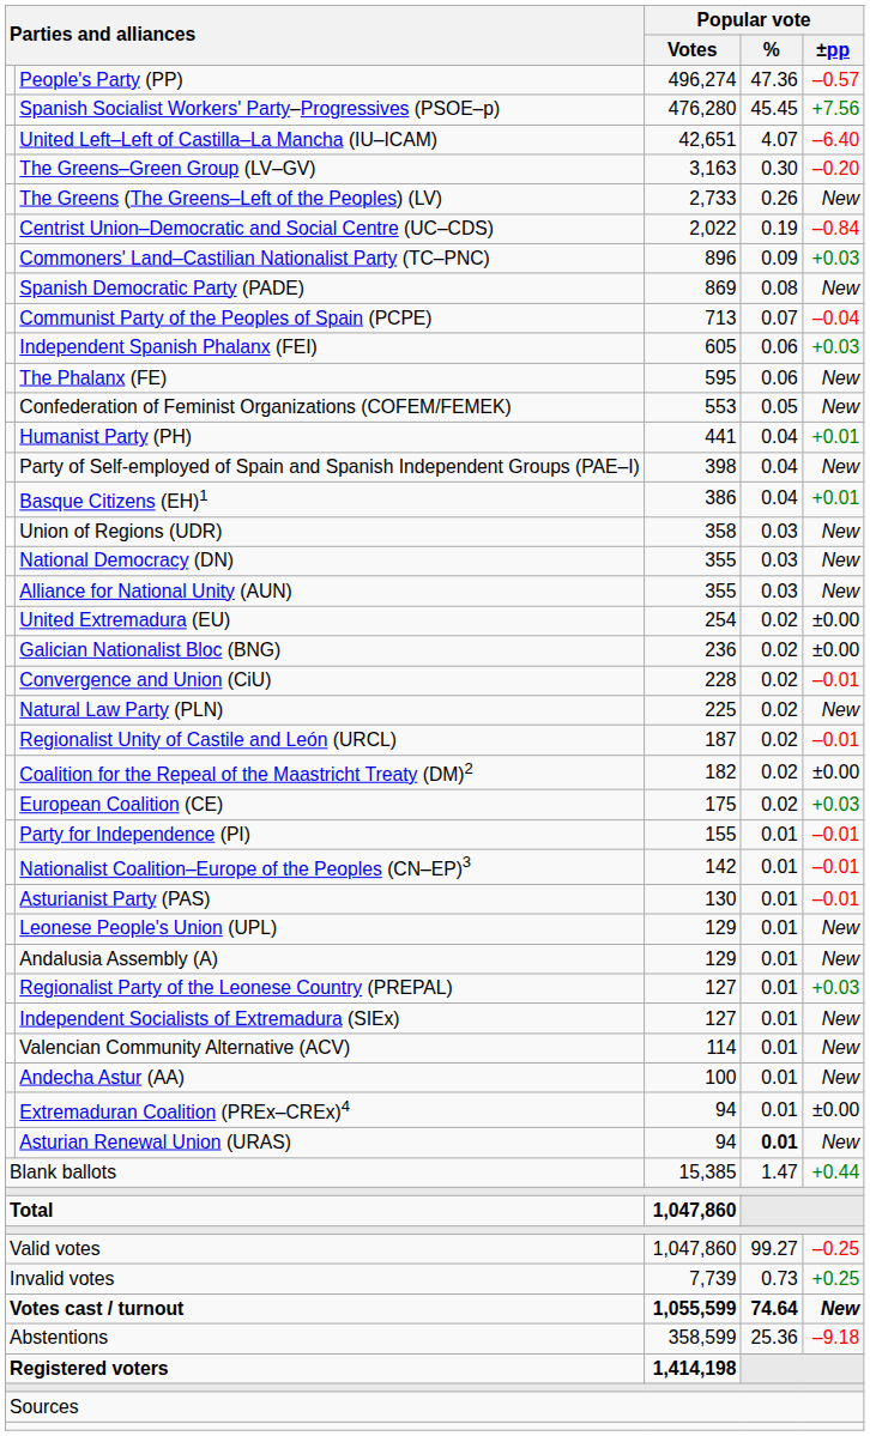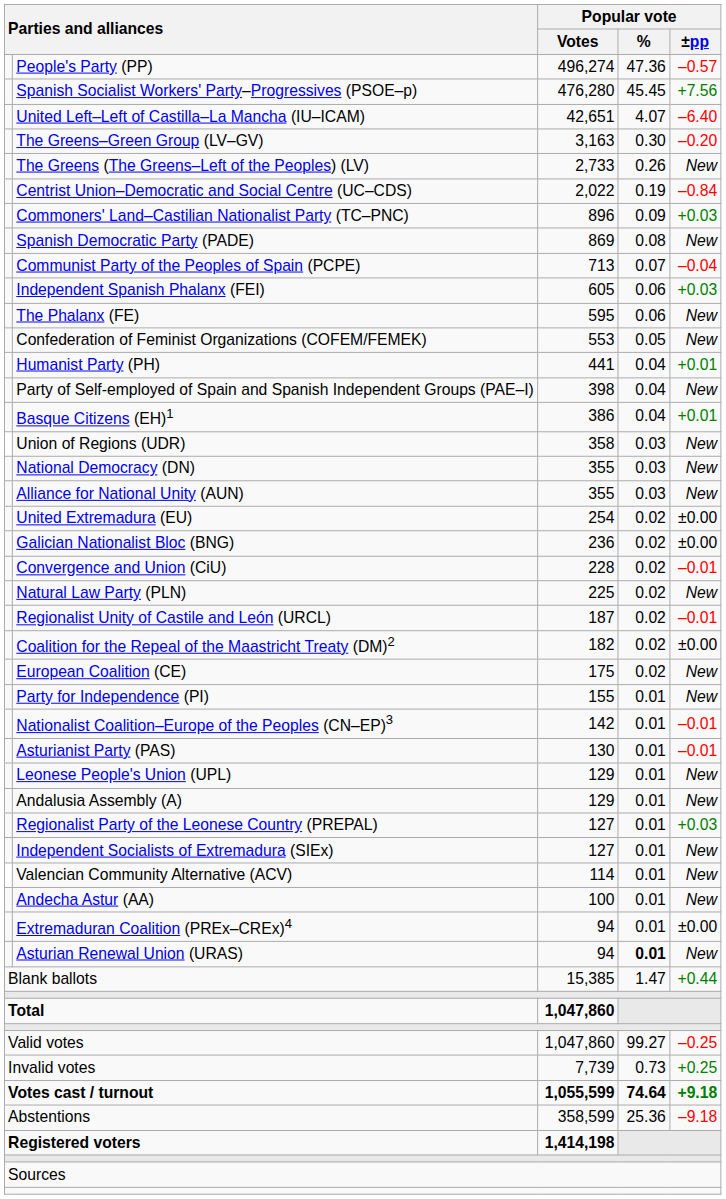 <table class="wikitable" style="text-align:right">
 <tr>
 <th style="text-align:left;" rowspan="2" colspan="2" width="525">Parties and alliances</th>
 <th colspan="3">Popular vote</th>
 </tr>
 <tr>
 <th width="75">Votes</th>
 <th width="45">%</th>
 <th width="45">±<a href='#'>pp</a></th>
 </tr>
 <tr>
 <td width="1" style="color:inherit;background:"></td>
 <td align="left"><a href='#'>People's Party</a> (PP)</td>
 <td>496,274</td>
 <td>47.36</td>
 <td style="color:red;">–0.57</td>
 </tr>
 <tr>
 <td style="color:inherit;background:"></td>
 <td align="left"><a href='#'>Spanish Socialist Workers' Party</a>–<a href='#'>Progressives</a> (PSOE–p)</td>
 <td>476,280</td>
 <td>45.45</td>
 <td style="color:green;">+7.56</td>
 </tr>
 <tr>
 <td style="color:inherit;background:"></td>
 <td align="left"><a href='#'>United Left–Left of Castilla–La Mancha</a> (IU–ICAM)</td>
 <td>42,651</td>
 <td>4.07</td>
 <td style="color:red;">–6.40</td>
 </tr>
 <tr>
 <td style="color:inherit;background:"></td>
 <td align="left"><a href='#'>The Greens–Green Group</a> (LV–GV)</td>
 <td>3,163</td>
 <td>0.30</td>
 <td style="color:red;">–0.20</td>
 </tr>
 <tr>
 <td style="color:inherit;background:"></td>
 <td align="left"><a href='#'>The Greens</a> (<a href='#'>The Greens–Left of the Peoples</a>) (LV)</td>
 <td>2,733</td>
 <td>0.26</td>
 <td><em>New</em></td>
 </tr>
 <tr>
 <td style="color:inherit;background:"></td>
 <td align="left"><a href='#'>Centrist Union–Democratic and Social Centre</a> (UC–CDS)</td>
 <td>2,022</td>
 <td>0.19</td>
 <td style="color:red;">–0.84</td>
 </tr>
 <tr>
 <td style="color:inherit;background:"></td>
 <td align="left"><a href='#'>Commoners' Land–Castilian Nationalist Party</a> (TC–PNC)</td>
 <td>896</td>
 <td>0.09</td>
 <td style="color:green;">+0.03</td>
 </tr>
 <tr>
 <td style="color:inherit;background:"></td>
 <td align="left"><a href='#'>Spanish Democratic Party</a> (PADE)</td>
 <td>869</td>
 <td>0.08</td>
 <td><em>New</em></td>
 </tr>
 <tr>
 <td style="color:inherit;background:"></td>
 <td align="left"><a href='#'>Communist Party of the Peoples of Spain</a> (PCPE)</td>
 <td>713</td>
 <td>0.07</td>
 <td style="color:red;">–0.04</td>
 </tr>
 <tr>
 <td style="color:inherit;background:"></td>
 <td align="left"><a href='#'>Independent Spanish Phalanx</a> (FEI)</td>
 <td>605</td>
 <td>0.06</td>
 <td style="color:green;">+0.03</td>
 </tr>
 <tr>
 <td style="color:inherit;background:"></td>
 <td align="left"><a href='#'>The Phalanx</a> (FE)</td>
 <td>595</td>
 <td>0.06</td>
 <td><em>New</em></td>
 </tr>
 <tr>
 <td style="color:inherit;background:"></td>
 <td align="left">Confederation of Feminist Organizations (COFEM/FEMEK)</td>
 <td>553</td>
 <td>0.05</td>
 <td><em>New</em></td>
 </tr>
 <tr>
 <td style="color:inherit;background:"></td>
 <td align="left"><a href='#'>Humanist Party</a> (PH)</td>
 <td>441</td>
 <td>0.04</td>
 <td style="color:green;">+0.01</td>
 </tr>
 <tr>
 <td style="color:inherit;background:"></td>
 <td align="left">Party of Self-employed of Spain and Spanish Independent Groups (PAE–I)</td>
 <td>398</td>
 <td>0.04</td>
 <td><em>New</em></td>
 </tr>
 <tr>
 <td style="color:inherit;background:"></td>
 <td align="left"><a href='#'>Basque Citizens</a> (EH)<sup>1</sup></td>
 <td>386</td>
 <td>0.04</td>
 <td style="color:green;">+0.01</td>
 </tr>
 <tr>
 <td bgcolor="white"></td>
 <td align="left">Union of Regions (UDR)</td>
 <td>358</td>
 <td>0.03</td>
 <td><em>New</em></td>
 </tr>
 <tr>
 <td style="color:inherit;background:"></td>
 <td align="left"><a href='#'>National Democracy</a> (DN)</td>
 <td>355</td>
 <td>0.03</td>
 <td><em>New</em></td>
 </tr>
 <tr>
 <td style="color:inherit;background:"></td>
 <td align="left"><a href='#'>Alliance for National Unity</a> (AUN)</td>
 <td>355</td>
 <td>0.03</td>
 <td><em>New</em></td>
 </tr>
 <tr>
 <td style="color:inherit;background:"></td>
 <td align="left"><a href='#'>United Extremadura</a> (EU)</td>
 <td>254</td>
 <td>0.02</td>
 <td>±0.00</td>
 </tr>
 <tr>
 <td style="color:inherit;background:"></td>
 <td align="left"><a href='#'>Galician Nationalist Bloc</a> (BNG)</td>
 <td>236</td>
 <td>0.02</td>
 <td>±0.00</td>
 </tr>
 <tr>
 <td style="color:inherit;background:"></td>
 <td align="left"><a href='#'>Convergence and Union</a> (CiU)</td>
 <td>228</td>
 <td>0.02</td>
 <td style="color:red;">–0.01</td>
 </tr>
 <tr>
 <td style="color:inherit;background:"></td>
 <td align="left"><a href='#'>Natural Law Party</a> (PLN)</td>
 <td>225</td>
 <td>0.02</td>
 <td><em>New</em></td>
 </tr>
 <tr>
 <td style="color:inherit;background:"></td>
 <td align="left"><a href='#'>Regionalist Unity of Castile and León</a> (URCL)</td>
 <td>187</td>
 <td>0.02</td>
 <td style="color:red;">–0.01</td>
 </tr>
 <tr>
 <td style="color:inherit;background:"></td>
 <td align="left"><a href='#'>Coalition for the Repeal of the Maastricht Treaty</a> (DM)<sup>2</sup></td>
 <td>182</td>
 <td>0.02</td>
 <td>±0.00</td>
 </tr>
 <tr>
 <td style="color:inherit;background:"></td>
 <td align="left"><a href='#'>European Coalition</a> (CE)</td>
 <td>175</td>
 <td>0.02</td>
-<td style="color:green;">+0.03</td>
+<td><em>New</em></td>
 </tr>
 <tr>
 <td style="color:inherit;background:"></td>
 <td align="left"><a href='#'>Party for Independence</a> (PI)</td>
 <td>155</td>
 <td>0.01</td>
-<td style="color:red;">–0.01</td>
+<td><em>New</em></td>
 </tr>
 <tr>
 <td style="color:inherit;background:"></td>
 <td align="left"><a href='#'>Nationalist Coalition–Europe of the Peoples</a> (CN–EP)<sup>3</sup></td>
 <td>142</td>
 <td>0.01</td>
 <td style="color:red;">–0.01</td>
 </tr>
 <tr>
 <td style="color:inherit;background:"></td>
 <td align="left"><a href='#'>Asturianist Party</a> (PAS)</td>
 <td>130</td>
 <td>0.01</td>
 <td style="color:red;">–0.01</td>
 </tr>
 <tr>
 <td style="color:inherit;background:"></td>
 <td align="left"><a href='#'>Leonese People's Union</a> (UPL)</td>
 <td>129</td>
 <td>0.01</td>
 <td><em>New</em></td>
 </tr>
 <tr>
 <td style="color:inherit;background:"></td>
 <td align="left">Andalusia Assembly (A)</td>
 <td>129</td>
 <td>0.01</td>
 <td><em>New</em></td>
 </tr>
 <tr>
 <td style="color:inherit;background:"></td>
 <td align="left"><a href='#'>Regionalist Party of the Leonese Country</a> (PREPAL)</td>
 <td>127</td>
 <td>0.01</td>
 <td style="color:green;">+0.03</td>
 </tr>
 <tr>
 <td style="color:inherit;background:"></td>
 <td align="left"><a href='#'>Independent Socialists of Extremadura</a> (SIEx)</td>
 <td>127</td>
 <td>0.01</td>
 <td><em>New</em></td>
 </tr>
 <tr>
 <td bgcolor="white"></td>
 <td align="left">Valencian Community Alternative (ACV)</td>
 <td>114</td>
 <td>0.01</td>
 <td><em>New</em></td>
 </tr>
 <tr>
 <td style="color:inherit;background:"></td>
 <td align="left"><a href='#'>Andecha Astur</a> (AA)</td>
 <td>100</td>
 <td>0.01</td>
 <td><em>New</em></td>
 </tr>
 <tr>
 <td style="color:inherit;background:"></td>
 <td align="left"><a href='#'>Extremaduran Coalition</a> (PREx–CREx)<sup>4</sup></td>
 <td>94</td>
 <td>0.01</td>
 <td>±0.00</td>
 </tr>
 <tr>
 <td style="color:inherit;background:"></td>
 <td align="left"><a href='#'>Asturian Renewal Union</a> (URAS)</td>
 <td>94</td>
 <td><strong>0.01</strong></td>
 <td><em>New</em></td>
 </tr>
 <tr>
 <td align="left" colspan="2">Blank ballots</td>
 <td>15,385</td>
 <td>1.47</td>
 <td style="color:green;">+0.44</td>
 </tr>
 <tr>
 <td colspan="5" bgcolor="#E9E9E9"></td>
 </tr>
 <tr style="font-weight:bold;">
 <td align="left" colspan="2">Total</td>
 <td>1,047,860</td>
 <td bgcolor="#E9E9E9" colspan="2"></td>
 </tr>
 <tr>
 <td colspan="5" bgcolor="#E9E9E9"></td>
 </tr>
 <tr>
 <td align="left" colspan="2">Valid votes</td>
 <td>1,047,860</td>
 <td>99.27</td>
 <td style="color:red;">–0.25</td>
 </tr>
 <tr>
 <td align="left" colspan="2">Invalid votes</td>
 <td>7,739</td>
 <td>0.73</td>
 <td style="color:green;">+0.25</td>
 </tr>
 <tr style="font-weight:bold;">
 <td align="left" colspan="2">Votes cast / turnout</td>
 <td>1,055,599</td>
 <td>74.64</td>
-<td><em>New</em></td>
+<td style="color:green;">+9.18</td>
 </tr>
 <tr>
 <td align="left" colspan="2">Abstentions</td>
 <td>358,599</td>
 <td>25.36</td>
 <td style="color:red;">–9.18</td>
 </tr>
 <tr style="font-weight:bold;">
 <td align="left" colspan="2">Registered voters</td>
 <td>1,414,198</td>
 <td bgcolor="#E9E9E9" colspan="2"></td>
 </tr>
 <tr>
 <td colspan="5" bgcolor="#E9E9E9"></td>
 </tr>
 <tr>
 <td align="left" colspan="5">Sources</td>
 </tr>
 <tr>
 <td colspan="5" style="text-align:left; max-width:680px;"></td>
 </tr>
 </table>
